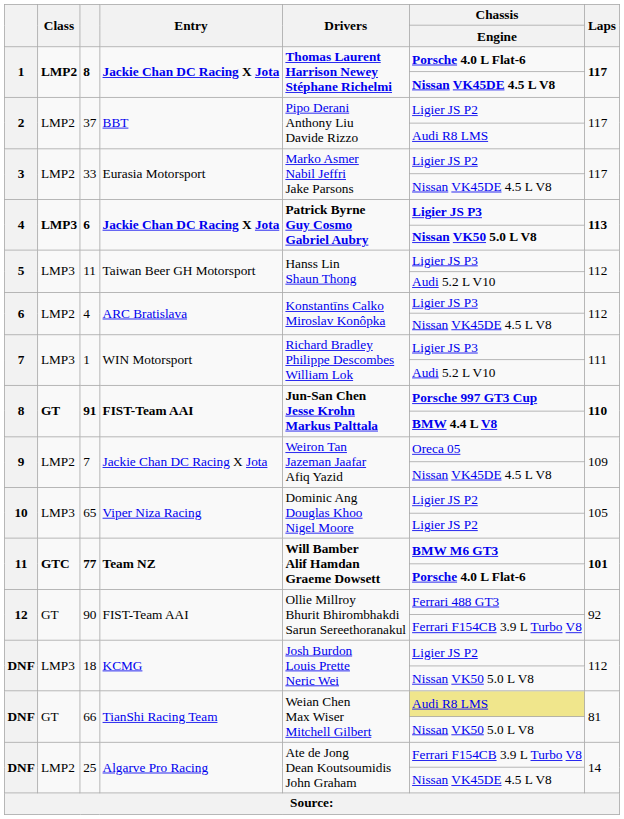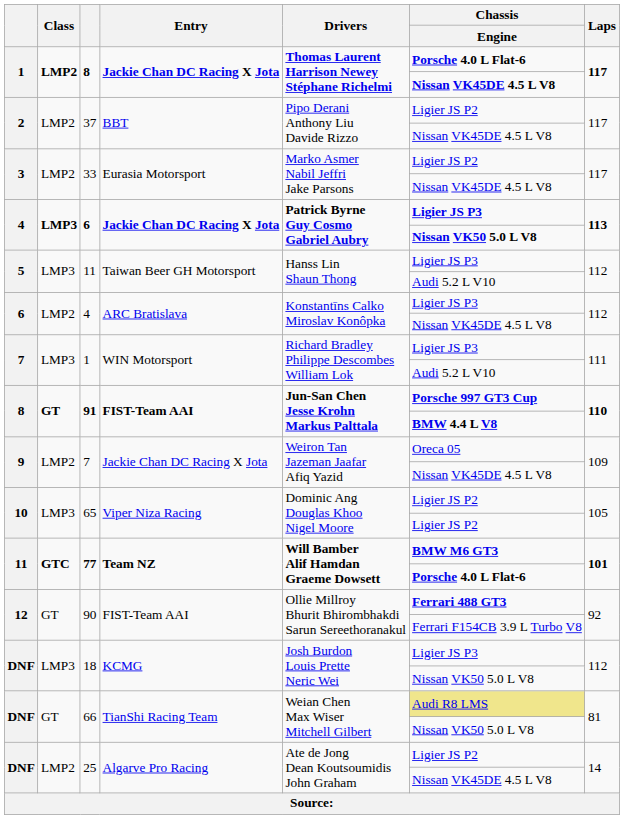 <table class="wikitable">
 <tr>
 <th rowspan="2"></th>
 <th rowspan="2">Class</th>
 <th rowspan="2"></th>
 <th rowspan="2">Entry</th>
 <th rowspan="2">Drivers</th>
 <th>Chassis</th>
 <th rowspan="2">Laps</th>
 </tr>
 <tr>
 <th>Engine</th>
 </tr>
 <tr>
 <th rowspan="2">1</th>
 <td rowspan="2"><strong>LMP2</strong></td>
 <td rowspan="2"><strong>8</strong></td>
 <td rowspan="2"><strong> <a href='#'>Jackie Chan DC Racing</a> X <a href='#'>Jota</a></strong></td>
 <td rowspan="2"><strong> <a href='#'>Thomas Laurent</a><br> <a href='#'>Harrison Newey</a><br> <a href='#'>Stéphane Richelmi</a></strong></td>
 <td><strong><a href='#'>Porsche</a> 4.0 L Flat-6</strong></td>
 <td rowspan="2"><strong>117</strong></td>
 </tr>
 <tr>
 <td><strong><a href='#'>Nissan</a> <a href='#'>VK45DE</a> 4.5 L V8</strong></td>
 </tr>
 <tr>
 <th rowspan="2">2</th>
 <td rowspan="2">LMP2</td>
 <td rowspan="2">37</td>
 <td rowspan="2"> <a href='#'>BBT</a></td>
 <td rowspan="2"> <a href='#'>Pipo Derani</a><br> Anthony Liu<br> Davide Rizzo</td>
 <td><a href='#'>Ligier JS P2</a></td>
 <td rowspan="2">117</td>
 </tr>
 <tr>
-<td><a href='#'>Audi R8 LMS</a></td>
+<td><a href='#'>Nissan</a> <a href='#'>VK45DE</a> 4.5 L V8</td>
 </tr>
 <tr>
 <th rowspan="2">3</th>
 <td rowspan="2">LMP2</td>
 <td rowspan="2">33</td>
 <td rowspan="2"> Eurasia Motorsport</td>
 <td rowspan="2"> <a href='#'>Marko Asmer</a><br> <a href='#'>Nabil Jeffri</a><br> Jake Parsons</td>
 <td><a href='#'>Ligier JS P2</a></td>
 <td rowspan="2">117</td>
 </tr>
 <tr>
 <td><a href='#'>Nissan</a> <a href='#'>VK45DE</a> 4.5 L V8</td>
 </tr>
 <tr>
 <th rowspan="2">4</th>
 <td rowspan="2"><strong>LMP3</strong></td>
 <td rowspan="2"><strong>6</strong></td>
 <td rowspan="2"><strong> <a href='#'>Jackie Chan DC Racing</a> X <a href='#'>Jota</a></strong></td>
 <td rowspan="2"><strong> Patrick Byrne<br> <a href='#'>Guy Cosmo</a></strong><br><strong> <a href='#'>Gabriel Aubry</a></strong></td>
 <td><strong><a href='#'>Ligier JS P3</a></strong></td>
 <td rowspan="2"><strong>113</strong></td>
 </tr>
 <tr>
 <td><strong><a href='#'>Nissan</a> <a href='#'>VK50</a> 5.0 L V8</strong></td>
 </tr>
 <tr>
 <th rowspan="2">5</th>
 <td rowspan="2">LMP3</td>
 <td rowspan="2">11</td>
 <td rowspan="2"> Taiwan Beer GH Motorsport</td>
 <td rowspan="2"> Hanss Lin<br> <a href='#'>Shaun Thong</a></td>
 <td><a href='#'>Ligier JS P3</a></td>
 <td rowspan="2">112</td>
 </tr>
 <tr>
 <td><a href='#'>Audi</a> 5.2 L V10</td>
 </tr>
 <tr>
 <th rowspan="2">6</th>
 <td rowspan="2">LMP2</td>
 <td rowspan="2">4</td>
 <td rowspan="2"> <a href='#'>ARC Bratislava</a></td>
 <td rowspan="2"> <a href='#'>Konstantīns Calko</a><br> <a href='#'>Miroslav Konôpka</a></td>
 <td><a href='#'>Ligier JS P3</a></td>
 <td rowspan="2">112</td>
 </tr>
 <tr>
 <td><a href='#'>Nissan</a> <a href='#'>VK45DE</a> 4.5 L V8</td>
 </tr>
 <tr>
 <th rowspan="2">7</th>
 <td rowspan="2">LMP3</td>
 <td rowspan="2">1</td>
 <td rowspan="2"> WIN Motorsport</td>
 <td rowspan="2"> <a href='#'>Richard Bradley</a><br> <a href='#'>Philippe Descombes</a><br> <a href='#'>William Lok</a></td>
 <td><a href='#'>Ligier JS P3</a></td>
 <td rowspan="2">111</td>
 </tr>
 <tr>
 <td><a href='#'>Audi</a> 5.2 L V10</td>
 </tr>
 <tr>
 <th rowspan="2">8</th>
 <td rowspan="2"><strong>GT</strong></td>
 <td rowspan="2"><strong>91</strong></td>
 <td rowspan="2"><strong> FIST-Team AAI</strong></td>
 <td rowspan="2"><strong> Jun-San Chen<br> <a href='#'>Jesse Krohn</a><br> <a href='#'>Markus Palttala</a></strong></td>
 <td><a href='#'><strong>Porsche 997 GT3 Cup</strong></a></td>
 <td rowspan="2"><strong>110</strong></td>
 </tr>
 <tr>
 <td><strong><a href='#'>BMW</a> 4.4 L <a href='#'>V8</a></strong></td>
 </tr>
 <tr>
 <th rowspan="2">9</th>
 <td rowspan="2">LMP2</td>
 <td rowspan="2">7</td>
 <td rowspan="2"> <a href='#'>Jackie Chan DC Racing</a> X <a href='#'>Jota</a></td>
 <td rowspan="2"> <a href='#'>Weiron Tan</a><br> <a href='#'>Jazeman Jaafar</a><br> Afiq Yazid</td>
 <td><a href='#'>Oreca 05</a></td>
 <td rowspan="2">109</td>
 </tr>
 <tr>
 <td><a href='#'>Nissan</a> <a href='#'>VK45DE</a> 4.5 L V8</td>
 </tr>
 <tr>
 <th rowspan="2">10</th>
 <td rowspan="2">LMP3</td>
 <td rowspan="2">65</td>
 <td rowspan="2"> <a href='#'>Viper Niza Racing</a></td>
 <td rowspan="2"> Dominic Ang<br> <a href='#'>Douglas Khoo</a><br> <a href='#'>Nigel Moore</a></td>
 <td><a href='#'>Ligier JS P2</a></td>
 <td rowspan="2">105</td>
 </tr>
 <tr>
 <td><a href='#'>Ligier JS P2</a></td>
 </tr>
 <tr>
 <th rowspan="2">11</th>
 <td rowspan="2"><strong>GTC</strong></td>
 <td rowspan="2"><strong>77</strong></td>
 <td rowspan="2"><strong> Team NZ</strong></td>
 <td rowspan="2"><strong> Will Bamber</strong><br><strong> Alif Hamdan</strong><br><strong> Graeme Dowsett</strong></td>
 <td><a href='#'><strong>BMW M6 GT3</strong></a></td>
 <td rowspan="2"><strong>101</strong></td>
 </tr>
 <tr>
 <td><strong><a href='#'>Porsche</a> 4.0 L Flat-6</strong></td>
 </tr>
 <tr>
 <th rowspan="2">12</th>
 <td rowspan="2">GT</td>
 <td rowspan="2">90</td>
 <td rowspan="2"> FIST-Team AAI</td>
 <td rowspan="2"> Ollie Millroy<br> Bhurit Bhirombhakdi<br> Sarun Sereethoranakul</td>
-<td><a href='#'>Ferrari 488 GT3</a></td>
+<td><strong><a href='#'>Ferrari 488 GT3</a></strong></td>
 <td rowspan="2">92</td>
 </tr>
 <tr>
 <td><a href='#'>Ferrari F154CB</a> 3.9 L <a href='#'>Turbo</a> <a href='#'>V8</a></td>
 </tr>
 <tr>
 <th rowspan="2">DNF</th>
 <td rowspan="2">LMP3</td>
 <td rowspan="2">18</td>
 <td rowspan="2"> <a href='#'>KCMG</a></td>
 <td rowspan="2"> <a href='#'>Josh Burdon</a><br> <a href='#'>Louis Prette</a><br> <a href='#'>Neric Wei</a></td>
-<td><a href='#'>Ligier JS P2</a></td>
+<td><a href='#'>Ligier JS P3</a></td>
 <td rowspan="2">112</td>
 </tr>
 <tr>
 <td><a href='#'>Nissan</a> <a href='#'>VK50</a> 5.0 L V8</td>
 </tr>
 <tr>
 <th rowspan="2">DNF</th>
 <td rowspan="2">GT</td>
 <td rowspan="2">66</td>
 <td rowspan="2"> <a href='#'>TianShi Racing Team</a></td>
 <td rowspan="2"> Weian Chen<br> Max Wiser<br> <a href='#'>Mitchell Gilbert</a></td>
 <td style="background: khaki;"><a href='#'>Audi R8 LMS</a></td>
 <td rowspan="2">81</td>
 </tr>
 <tr>
 <td><a href='#'>Nissan</a> <a href='#'>VK50</a> 5.0 L V8</td>
 </tr>
 <tr>
 <th rowspan="2">DNF</th>
 <td rowspan="2">LMP2</td>
 <td rowspan="2">25</td>
 <td rowspan="2"> <a href='#'>Algarve Pro Racing</a></td>
 <td rowspan="2"> Ate de Jong<br> Dean Koutsoumidis<br> John Graham</td>
-<td><a href='#'>Ferrari F154CB</a> 3.9 L <a href='#'>Turbo</a> <a href='#'>V8</a></td>
+<td><a href='#'>Ligier JS P2</a></td>
 <td rowspan="2">14</td>
 </tr>
 <tr>
 <td><a href='#'>Nissan</a> <a href='#'>VK45DE</a> 4.5 L V8</td>
 </tr>
 <tr>
 <th colspan="7">Source:</th>
 </tr>
 </table>
